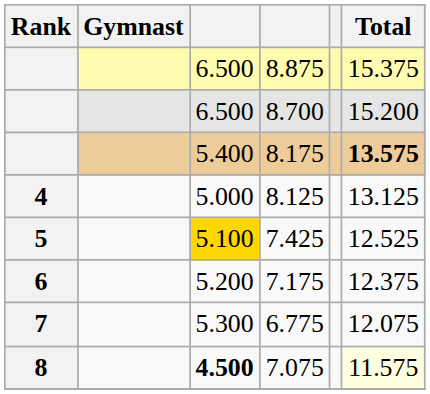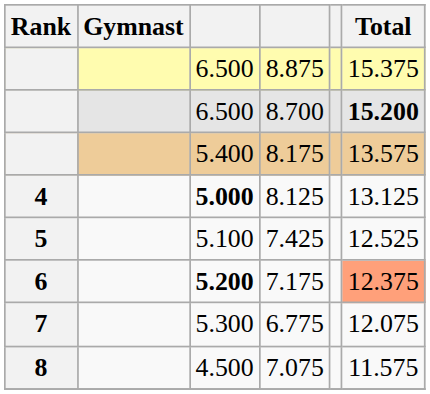 <table class="wikitable sortable" style="text-align:center; font-size:95%">
 <tr>
 <th scope=col>Rank</th>
 <th scope=col>Gymnast</th>
 <th scope=col></th>
 <th scope=col></th>
 <th scope=col></th>
 <th scope=col>Total</th>
 </tr>
 <tr bgcolor=fffcaf>
 <th scope=row></th>
 <td align=left></td>
 <td>6.500</td>
 <td>8.875</td>
 <td></td>
 <td>15.375</td>
 </tr>
 <tr bgcolor=e5e5e5>
 <th scope=row></th>
 <td align=left></td>
 <td>6.500</td>
 <td>8.700</td>
 <td></td>
-<td>15.200</td>
+<td><strong>15.200</strong></td>
 </tr>
 <tr bgcolor=eecc99>
 <th scope=row></th>
 <td align=left></td>
 <td>5.400</td>
 <td>8.175</td>
 <td></td>
-<td><strong>13.575</strong></td>
+<td>13.575</td>
 </tr>
 <tr>
 <th scope=row>4</th>
 <td align=left></td>
-<td>5.000</td>
+<td><strong>5.000</strong></td>
 <td>8.125</td>
 <td></td>
 <td>13.125</td>
 </tr>
 <tr>
 <th scope=row>5</th>
 <td align=left></td>
-<td style="background: gold;">5.100</td>
+<td>5.100</td>
 <td>7.425</td>
 <td></td>
 <td>12.525</td>
 </tr>
 <tr>
 <th scope=row>6</th>
 <td align=left></td>
-<td>5.200</td>
+<td><strong>5.200</strong></td>
 <td>7.175</td>
 <td></td>
-<td>12.375</td>
+<td style="background: lightsalmon;">12.375</td>
 </tr>
 <tr>
 <th scope=row>7</th>
 <td align=left></td>
 <td>5.300</td>
 <td>6.775</td>
 <td></td>
 <td>12.075</td>
 </tr>
 <tr>
 <th scope=row>8</th>
 <td align=left></td>
-<td><strong>4.500</strong></td>
+<td>4.500</td>
 <td>7.075</td>
 <td></td>
-<td style="background: lightyellow;">11.575</td>
+<td>11.575</td>
 </tr>
 <tr>
 </tr>
 </table>
